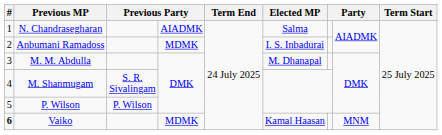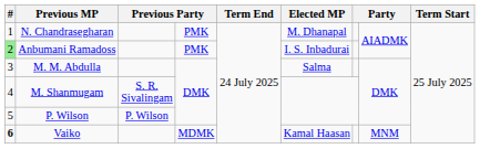 <table class="wikitable" style="text-align:center;">
 <tr>
 <th>#</th>
 <th>Previous MP</th>
 <th colspan=2>Previous Party</th>
 <th>Term End</th>
 <th>Elected MP</th>
 <th colspan="2">Party</th>
 <th>Term Start</th>
 </tr>
 <tr>
 <td>1</td>
 <td><a href='#'>N. Chandrasegharan</a></td>
 <td width="1px"></td>
-<td><a href='#'>AIADMK</a></td>
+<td><a href='#'>PMK</a></td>
 <td rowspan="6">24 July 2025</td>
-<td><a href='#'>Salma</a></td>
+<td><a href='#'>M. Dhanapal</a></td>
 <td width="1px"></td>
 <td rowspan="2"><a href='#'>AIADMK</a></td>
 <td rowspan="6">25 July 2025</td>
 </tr>
 <tr>
-<td>2</td>
+<td style="background: lightgreen;">2</td>
 <td><a href='#'>Anbumani Ramadoss</a></td>
 <td width="1px"></td>
-<td><a href='#'>MDMK</a></td>
+<td><a href='#'>PMK</a></td>
 <td><a href='#'>I. S. Inbadurai</a></td>
 </tr>
 <tr>
 <td>3</td>
 <td><a href='#'>M. M. Abdulla</a></td>
 <td width="1px"></td>
 <td rowspan="3"><a href='#'>DMK</a></td>
-<td><a href='#'>M. Dhanapal</a></td>
+<td><a href='#'>Salma</a></td>
 <td width="1px"></td>
 <td rowspan="3"><a href='#'>DMK</a></td>
 </tr>
 <tr>
 <td>4</td>
 <td><a href='#'>M. Shanmugam</a></td>
 <td><a href='#'>S. R. Sivalingam</a></td>
 </tr>
 <tr>
 <td>5</td>
 <td><a href='#'>P. Wilson</a></td>
 <td><a href='#'>P. Wilson</a></td>
 </tr>
 <tr>
 <td><strong>6</strong></td>
 <td><a href='#'>Vaiko</a></td>
 <td></td>
 <td><a href='#'>MDMK</a></td>
 <td><a href='#'>Kamal Haasan</a></td>
 <td></td>
 <td><a href='#'>MNM</a></td>
 </tr>
 </table>
